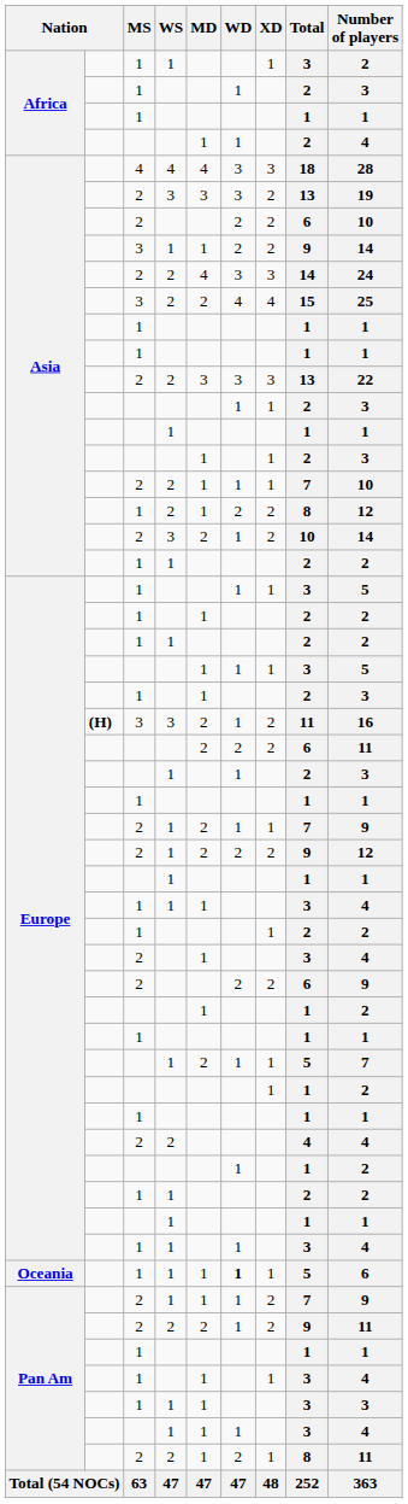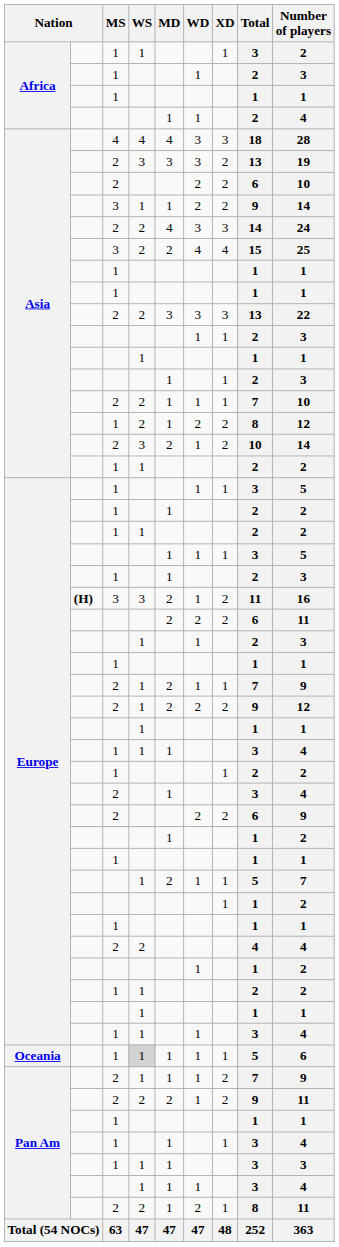 <table class="sortable wikitable" style="font-size:95%; text-align:center">
 <tr>
 <th colspan="2">Nation</th>
 <th>MS</th>
 <th>WS</th>
 <th>MD</th>
 <th>WD</th>
 <th>XD</th>
 <th>Total</th>
 <th>Number<br>of players</th>
 </tr>
 <tr>
 <th rowspan="4"><a href='#'>Africa</a></th>
 <td align="left"></td>
 <td>1</td>
 <td>1</td>
 <td></td>
 <td></td>
 <td>1</td>
 <th>3</th>
 <th>2</th>
 </tr>
 <tr>
 <td align="left"></td>
 <td>1</td>
 <td></td>
 <td></td>
 <td>1</td>
 <td></td>
 <th>2</th>
 <th>3</th>
 </tr>
 <tr>
 <td align="left"></td>
 <td>1</td>
 <td></td>
 <td></td>
 <td></td>
 <td></td>
 <th>1</th>
 <th>1</th>
 </tr>
 <tr>
 <td align="left"></td>
 <td></td>
 <td></td>
 <td>1</td>
 <td>1</td>
 <td></td>
 <th>2</th>
 <th>4</th>
 </tr>
 <tr>
 <th rowspan="16"><a href='#'>Asia</a></th>
 <td align="left"></td>
 <td>4</td>
 <td>4</td>
 <td>4</td>
 <td>3</td>
 <td>3</td>
 <th>18</th>
 <th>28</th>
 </tr>
 <tr>
 <td align="left"></td>
 <td>2</td>
 <td>3</td>
 <td>3</td>
 <td>3</td>
 <td>2</td>
 <th>13</th>
 <th>19</th>
 </tr>
 <tr>
 <td align="left"></td>
 <td>2</td>
 <td></td>
 <td></td>
 <td>2</td>
 <td>2</td>
 <th>6</th>
 <th>10</th>
 </tr>
 <tr>
 <td align="left"></td>
 <td>3</td>
 <td>1</td>
 <td>1</td>
 <td>2</td>
 <td>2</td>
 <th>9</th>
 <th>14</th>
 </tr>
 <tr>
 <td align="left"></td>
 <td>2</td>
 <td>2</td>
 <td>4</td>
 <td>3</td>
 <td>3</td>
 <th>14</th>
 <th>24</th>
 </tr>
 <tr>
 <td align="left"></td>
 <td>3</td>
 <td>2</td>
 <td>2</td>
 <td>4</td>
 <td>4</td>
 <th>15</th>
 <th>25</th>
 </tr>
 <tr>
 <td align="left"></td>
 <td>1</td>
 <td></td>
 <td></td>
 <td></td>
 <td></td>
 <th>1</th>
 <th>1</th>
 </tr>
 <tr>
 <td align="left"></td>
 <td>1</td>
 <td></td>
 <td></td>
 <td></td>
 <td></td>
 <th>1</th>
 <th>1</th>
 </tr>
 <tr>
 <td align="left"></td>
 <td>2</td>
 <td>2</td>
 <td>3</td>
 <td>3</td>
 <td>3</td>
 <th>13</th>
 <th>22</th>
 </tr>
 <tr>
 <td align="left"></td>
 <td></td>
 <td></td>
 <td></td>
 <td>1</td>
 <td>1</td>
 <th>2</th>
 <th>3</th>
 </tr>
 <tr>
 <td align="left"></td>
 <td></td>
 <td>1</td>
 <td></td>
 <td></td>
 <td></td>
 <th>1</th>
 <th>1</th>
 </tr>
 <tr>
 <td align="left"></td>
 <td></td>
 <td></td>
 <td>1</td>
 <td></td>
 <td>1</td>
 <th>2</th>
 <th>3</th>
 </tr>
 <tr>
 <td align="left"></td>
 <td>2</td>
 <td>2</td>
 <td>1</td>
 <td>1</td>
 <td>1</td>
 <th>7</th>
 <th>10</th>
 </tr>
 <tr>
 <td align="left"></td>
 <td>1</td>
 <td>2</td>
 <td>1</td>
 <td>2</td>
 <td>2</td>
 <th>8</th>
 <th>12</th>
 </tr>
 <tr>
 <td align="left"></td>
 <td>2</td>
 <td>3</td>
 <td>2</td>
 <td>1</td>
 <td>2</td>
 <th>10</th>
 <th>14</th>
 </tr>
 <tr>
 <td align="left"></td>
 <td>1</td>
 <td>1</td>
 <td></td>
 <td></td>
 <td></td>
 <th>2</th>
 <th>2</th>
 </tr>
 <tr>
 <th rowspan="26"><a href='#'>Europe</a></th>
 <td align="left"></td>
 <td>1</td>
 <td></td>
 <td></td>
 <td>1</td>
 <td>1</td>
 <th>3</th>
 <th>5</th>
 </tr>
 <tr>
 <td align="left"></td>
 <td>1</td>
 <td></td>
 <td>1</td>
 <td></td>
 <td></td>
 <th>2</th>
 <th>2</th>
 </tr>
 <tr>
 <td align="left"></td>
 <td>1</td>
 <td>1</td>
 <td></td>
 <td></td>
 <td></td>
 <th>2</th>
 <th>2</th>
 </tr>
 <tr>
 <td align="left"></td>
 <td></td>
 <td></td>
 <td>1</td>
 <td>1</td>
 <td>1</td>
 <th>3</th>
 <th>5</th>
 </tr>
 <tr>
 <td align="left"></td>
 <td>1</td>
 <td></td>
 <td>1</td>
 <td></td>
 <td></td>
 <th>2</th>
 <th>3</th>
 </tr>
 <tr>
 <td align="left"> <strong>(H)</strong></td>
 <td>3</td>
 <td>3</td>
 <td>2</td>
 <td>1</td>
 <td>2</td>
 <th>11</th>
 <th>16</th>
 </tr>
 <tr>
 <td align="left"></td>
 <td></td>
 <td></td>
 <td>2</td>
 <td>2</td>
 <td>2</td>
 <th>6</th>
 <th>11</th>
 </tr>
 <tr>
 <td align="left"></td>
 <td></td>
 <td>1</td>
 <td></td>
 <td>1</td>
 <td></td>
 <th>2</th>
 <th>3</th>
 </tr>
 <tr>
 <td align="left"></td>
 <td>1</td>
 <td></td>
 <td></td>
 <td></td>
 <td></td>
 <th>1</th>
 <th>1</th>
 </tr>
 <tr>
 <td align="left"></td>
 <td>2</td>
 <td>1</td>
 <td>2</td>
 <td>1</td>
 <td>1</td>
 <th>7</th>
 <th>9</th>
 </tr>
 <tr>
 <td align="left"></td>
 <td>2</td>
 <td>1</td>
 <td>2</td>
 <td>2</td>
 <td>2</td>
 <th>9</th>
 <th>12</th>
 </tr>
 <tr>
 <td align="left"></td>
 <td></td>
 <td>1</td>
 <td></td>
 <td></td>
 <td></td>
 <th>1</th>
 <th>1</th>
 </tr>
 <tr>
 <td align="left"></td>
 <td>1</td>
 <td>1</td>
 <td>1</td>
 <td></td>
 <td></td>
 <th>3</th>
 <th>4</th>
 </tr>
 <tr>
 <td align="left"></td>
 <td>1</td>
 <td></td>
 <td></td>
 <td></td>
 <td>1</td>
 <th>2</th>
 <th>2</th>
 </tr>
 <tr>
 <td align="left"></td>
 <td>2</td>
 <td></td>
 <td>1</td>
 <td></td>
 <td></td>
 <th>3</th>
 <th>4</th>
 </tr>
 <tr>
 <td align="left"></td>
 <td>2</td>
 <td></td>
 <td></td>
 <td>2</td>
 <td>2</td>
 <th>6</th>
 <th>9</th>
 </tr>
 <tr>
 <td align="left"></td>
 <td></td>
 <td></td>
 <td>1</td>
 <td></td>
 <td></td>
 <th>1</th>
 <th>2</th>
 </tr>
 <tr>
 <td align="left"></td>
 <td>1</td>
 <td></td>
 <td></td>
 <td></td>
 <td></td>
 <th>1</th>
 <th>1</th>
 </tr>
 <tr>
 <td align="left"></td>
 <td></td>
 <td>1</td>
 <td>2</td>
 <td>1</td>
 <td>1</td>
 <th>5</th>
 <th>7</th>
 </tr>
 <tr>
 <td align="left"></td>
 <td></td>
 <td></td>
 <td></td>
 <td></td>
 <td>1</td>
 <th>1</th>
 <th>2</th>
 </tr>
 <tr>
 <td align="left"></td>
 <td>1</td>
 <td></td>
 <td></td>
 <td></td>
 <td></td>
 <th>1</th>
 <th>1</th>
 </tr>
 <tr>
 <td align="left"></td>
 <td>2</td>
 <td>2</td>
 <td></td>
 <td></td>
 <td></td>
 <th>4</th>
 <th>4</th>
 </tr>
 <tr>
 <td align="left"></td>
 <td></td>
 <td></td>
 <td></td>
 <td>1</td>
 <td></td>
 <th>1</th>
 <th>2</th>
 </tr>
 <tr>
 <td align="left"></td>
 <td>1</td>
 <td>1</td>
 <td></td>
 <td></td>
 <td></td>
 <th>2</th>
 <th>2</th>
 </tr>
 <tr>
 <td align="left"></td>
 <td></td>
 <td>1</td>
 <td></td>
 <td></td>
 <td></td>
 <th>1</th>
 <th>1</th>
 </tr>
 <tr>
 <td align="left"></td>
 <td>1</td>
 <td>1</td>
 <td></td>
 <td>1</td>
 <td></td>
 <th>3</th>
 <th>4</th>
 </tr>
 <tr>
 <th><a href='#'>Oceania</a></th>
 <td align="left"></td>
 <td>1</td>
+<td style="background: lightgrey;">1</td>
 <td>1</td>
 <td>1</td>
-<td><strong>1</strong></td>
 <td>1</td>
 <th>5</th>
 <th>6</th>
 </tr>
 <tr>
 <th rowspan="7"><a href='#'>Pan Am</a></th>
 <td align="left"></td>
 <td>2</td>
 <td>1</td>
 <td>1</td>
 <td>1</td>
 <td>2</td>
 <th>7</th>
 <th>9</th>
 </tr>
 <tr>
 <td align="left"></td>
 <td>2</td>
 <td>2</td>
 <td>2</td>
 <td>1</td>
 <td>2</td>
 <th>9</th>
 <th>11</th>
 </tr>
 <tr>
 <td align="left"></td>
 <td>1</td>
 <td></td>
 <td></td>
 <td></td>
 <td></td>
 <th>1</th>
 <th>1</th>
 </tr>
 <tr>
 <td align="left"></td>
 <td>1</td>
 <td></td>
 <td>1</td>
 <td></td>
 <td>1</td>
 <th>3</th>
 <th>4</th>
 </tr>
 <tr>
 <td align="left"></td>
 <td>1</td>
 <td>1</td>
 <td>1</td>
 <td></td>
 <td></td>
 <th>3</th>
 <th>3</th>
 </tr>
 <tr>
 <td align="left"></td>
 <td></td>
 <td>1</td>
 <td>1</td>
 <td>1</td>
 <td></td>
 <th>3</th>
 <th>4</th>
 </tr>
 <tr>
 <td align="left"></td>
 <td>2</td>
 <td>2</td>
 <td>1</td>
 <td>2</td>
 <td>1</td>
 <th>8</th>
 <th>11</th>
 </tr>
 <tr>
 <th colspan="2">Total (54 NOCs)</th>
 <th>63</th>
 <th>47</th>
 <th>47</th>
 <th>47</th>
 <th>48</th>
 <th>252</th>
 <th>363</th>
 </tr>
 </table>
